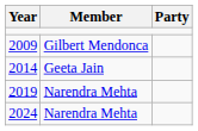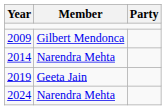 <table class="wikitable">
 <tr>
 <th>Year</th>
 <th>Member</th>
 <th colspan="2">Party</th>
 </tr>
 <tr>
 <td colspan="4"></td>
 </tr>
 <tr>
 <td><a href='#'>2009</a></td>
 <td><a href='#'>Gilbert Mendonca</a></td>
 <td></td>
 </tr>
 <tr>
 <td><a href='#'>2014</a></td>
-<td><a href='#'>Geeta Jain</a></td>
+<td><a href='#'>Narendra Mehta</a></td>
 <td></td>
 </tr>
 <tr>
 <td><a href='#'>2019</a></td>
-<td><a href='#'>Narendra Mehta</a></td>
+<td><a href='#'>Geeta Jain</a></td>
 <td></td>
 </tr>
 <tr>
 <td><a href='#'>2024</a></td>
 <td><a href='#'>Narendra Mehta</a></td>
 <td></td>
 </tr>
 </table>
